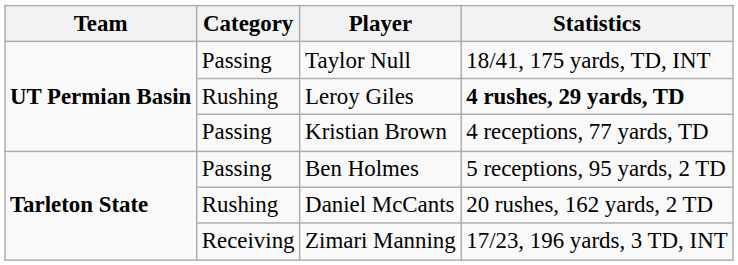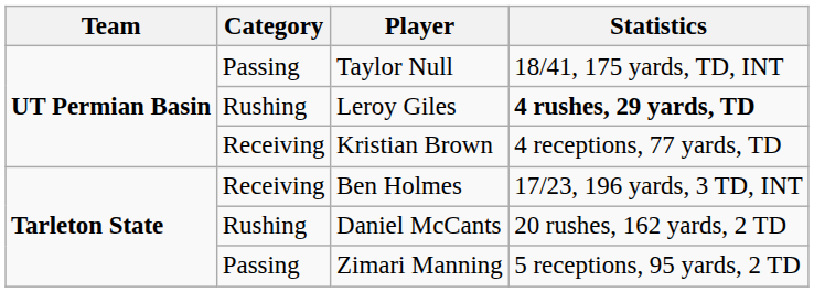 <table class="wikitable" style="float: right;">
 <tr>
 <th>Team</th>
 <th>Category</th>
 <th>Player</th>
 <th>Statistics</th>
 </tr>
 <tr>
 <td rowspan=3><strong>UT Permian Basin</strong></td>
 <td>Passing</td>
 <td>Taylor Null</td>
 <td>18/41, 175 yards, TD, INT</td>
 </tr>
 <tr>
 <td>Rushing</td>
 <td>Leroy Giles</td>
 <td><strong>4 rushes, 29 yards, TD</strong></td>
 </tr>
 <tr>
-<td>Passing</td>
+<td>Receiving</td>
 <td>Kristian Brown</td>
 <td>4 receptions, 77 yards, TD</td>
 </tr>
 <tr>
 <td rowspan=3><strong>Tarleton State</strong></td>
-<td>Passing</td>
+<td>Receiving</td>
 <td>Ben Holmes</td>
-<td>5 receptions, 95 yards, 2 TD</td>
+<td>17/23, 196 yards, 3 TD, INT</td>
 </tr>
 <tr>
 <td>Rushing</td>
 <td>Daniel McCants</td>
 <td>20 rushes, 162 yards, 2 TD</td>
 </tr>
 <tr>
-<td>Receiving</td>
+<td>Passing</td>
 <td>Zimari Manning</td>
-<td>17/23, 196 yards, 3 TD, INT</td>
+<td>5 receptions, 95 yards, 2 TD</td>
 </tr>
 </table>
